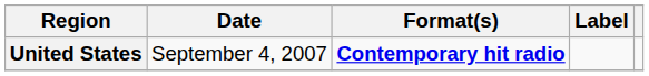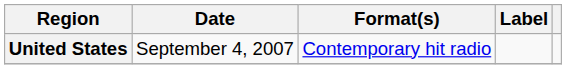 <table class="wikitable plainrowheaders">
 <tr>
 <th scope="col">Region</th>
 <th scope="col">Date</th>
 <th scope="col">Format(s)</th>
 <th scope="col">Label</th>
 <th scope="col"></th>
 </tr>
 <tr>
 <th scope="row">United States</th>
 <td>September 4, 2007</td>
-<td><strong><a href='#'>Contemporary hit radio</a></strong></td>
+<td><a href='#'>Contemporary hit radio</a></td>
 <td></td>
 <td style="text-align:center;"></td>
 </tr>
 <tr>
 </tr>
 </table>
